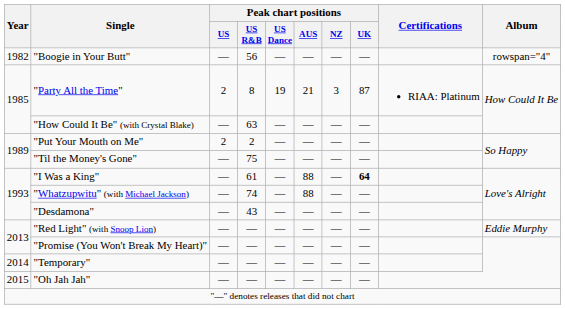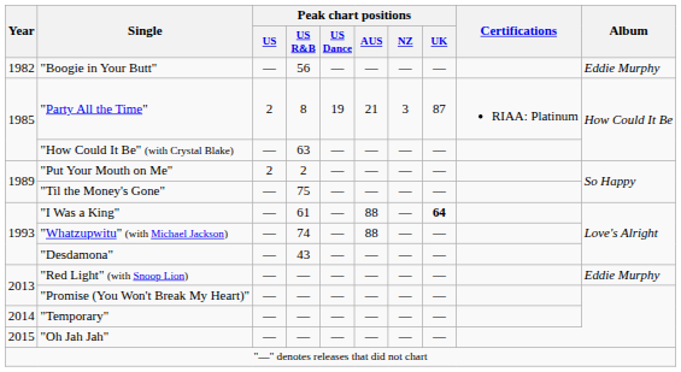 <table class="wikitable" style="text-align:center;">
 <tr>
 <th rowspan="2">Year</th>
 <th rowspan="2">Single</th>
 <th colspan="6">Peak chart positions</th>
 <th rowspan="2"><a href='#'>Certifications</a></th>
 <th rowspan="2">Album</th>
 </tr>
 <tr style="font-size:smaller;">
 <th style="width:35px;"><a href='#'>US</a><br></th>
 <th style="width:35px;"><a href='#'>US R&B</a><br></th>
 <th style="width:35px;"><a href='#'>US Dance</a><br></th>
 <th style="width:35px;"><a href='#'>AUS</a><br></th>
 <th style="width:35px;"><a href='#'>NZ</a><br></th>
 <th style="width:35px;"><a href='#'>UK</a></th>
 </tr>
 <tr>
 <td>1982</td>
 <td style="text-align:left;">"Boogie in Your Butt"</td>
 <td>—</td>
 <td>56</td>
 <td>—</td>
 <td>—</td>
 <td>—</td>
 <td>—</td>
 <td align="left"></td>
-<td>rowspan="4" </td>
+<td style="text-align:left;"><em>Eddie Murphy</em></td>
 </tr>
 <tr>
 <td rowspan="2">1985</td>
 <td style="text-align:left;">"<a href='#'>Party All the Time</a>"</td>
 <td>2</td>
 <td>8</td>
 <td>19</td>
 <td>21</td>
 <td>3</td>
 <td>87</td>
 <td align="left"><br><ul><li>RIAA: Platinum</li></ul></td>
 <td style="text-align:left;" rowspan="2"><em>How Could It Be</em></td>
 </tr>
 <tr>
 <td style="text-align:left;">"How Could It Be" <small>(with Crystal Blake)</small></td>
 <td>—</td>
 <td>63</td>
 <td>—</td>
 <td>—</td>
 <td>—</td>
 <td>—</td>
 </tr>
 <tr>
 <td rowspan="2">1989</td>
 <td style="text-align:left;">"Put Your Mouth on Me"</td>
 <td>2</td>
 <td>2</td>
 <td>—</td>
 <td>—</td>
 <td>—</td>
 <td>—</td>
 <td align="left"></td>
 <td style="text-align:left;" rowspan="2"><em>So Happy</em></td>
 </tr>
 <tr>
 <td style="text-align:left;">"Til the Money's Gone"</td>
 <td>—</td>
 <td>75</td>
 <td>—</td>
 <td>—</td>
 <td>—</td>
 <td>—</td>
 </tr>
 <tr>
 <td rowspan="3">1993</td>
 <td style="text-align:left;">"I Was a King"</td>
 <td>—</td>
 <td>61</td>
 <td>—</td>
 <td>88</td>
 <td>—</td>
 <td><strong>64</strong></td>
 <td align="left"></td>
 <td style="text-align:left;" rowspan="3"><em>Love's Alright</em></td>
 </tr>
 <tr>
 <td style="text-align:left;">"<a href='#'>Whatzupwitu</a>" <small>(with <a href='#'>Michael Jackson</a>)</small></td>
 <td>—</td>
 <td>74</td>
 <td>—</td>
 <td>88</td>
 <td>—</td>
 <td>—</td>
 <td align="left"></td>
 </tr>
 <tr>
 <td style="text-align:left;">"Desdamona"</td>
 <td>—</td>
 <td>43</td>
 <td>—</td>
 <td>—</td>
 <td>—</td>
 <td>—</td>
 </tr>
 <tr>
 <td rowspan="2">2013</td>
 <td style="text-align:left;">"Red Light" <small>(with <a href='#'>Snoop Lion</a>)</small></td>
 <td>—</td>
 <td>—</td>
 <td>—</td>
 <td>—</td>
 <td>—</td>
 <td>—</td>
 <td align="left"></td>
 <td style="text-align:left;"><em>Eddie Murphy</em></td>
 </tr>
 <tr>
 <td style="text-align:left;">"Promise (You Won't Break My Heart)"</td>
 <td>—</td>
 <td>—</td>
 <td>—</td>
 <td>—</td>
 <td>—</td>
 <td>—</td>
 <td align="left"></td>
 </tr>
 <tr>
 <td>2014</td>
 <td style="text-align:left;">"Temporary"</td>
 <td>—</td>
 <td>—</td>
 <td>—</td>
 <td>—</td>
 <td>—</td>
 <td>—</td>
 <td align="left"></td>
 </tr>
 <tr>
 <td>2015</td>
 <td style="text-align:left;">"Oh Jah Jah"</td>
 <td>—</td>
 <td>—</td>
 <td>—</td>
 <td>—</td>
 <td>—</td>
 <td>—</td>
 </tr>
 <tr>
 <td colspan="10" style="font-size:85%">"—" denotes releases that did not chart</td>
 </tr>
 </table>
